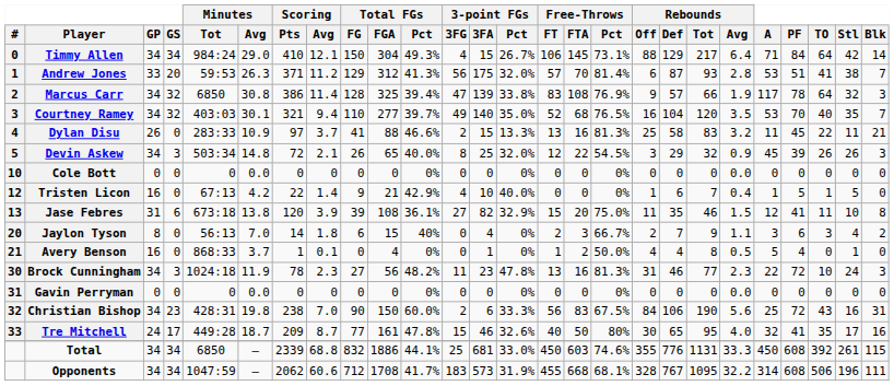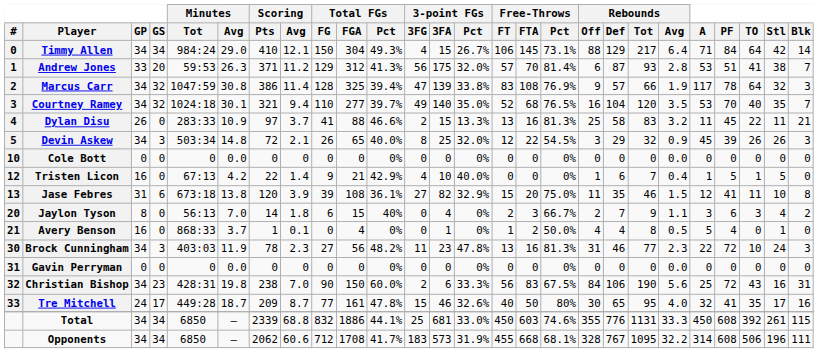 <table class="wikitable sortable" border="1" style="font-size:90%;">
 <tr>
 <th colspan="4" style="border-top-style:hidden; border-left-style:hidden; background: white;"></th>
 <th colspan="2" style=>Minutes</th>
 <th colspan="2" style=>Scoring</th>
 <th colspan="3" style=>Total FGs</th>
 <th colspan="3" style=>3-point FGs</th>
 <th colspan="3" style=>Free-Throws</th>
 <th colspan="4" style=>Rebounds</th>
 <th colspan="5" style="border-top-style:hidden; border-right-style:hidden; background: white;"></th>
 </tr>
 <tr>
 <th scope="col" style=>#</th>
 <th scope="col" style=>Player</th>
 <th scope="col" style=>GP</th>
 <th scope="col" style=>GS</th>
 <th scope="col" style=>Tot</th>
 <th scope="col" style=>Avg</th>
 <th scope="col" style=>Pts</th>
 <th scope="col" style=>Avg</th>
 <th scope="col" style=>FG</th>
 <th scope="col" style=>FGA</th>
 <th scope="col" style=>Pct</th>
 <th scope="col" style=>3FG</th>
 <th scope="col" style=>3FA</th>
 <th scope="col" style=>Pct</th>
 <th scope="col" style=>FT</th>
 <th scope="col" style=>FTA</th>
 <th scope="col" style=>Pct</th>
 <th scope="col" style=>Off</th>
 <th scope="col" style=>Def</th>
 <th scope="col" style=>Tot</th>
 <th scope="col" style=>Avg</th>
 <th scope="col" style=>A</th>
 <th scope="col">PF</th>
 <th scope="col">TO</th>
 <th scope="col" style=>Stl</th>
 <th scope="col" style=>Blk</th>
 </tr>
 <tr>
 <th>0</th>
 <th><a href='#'>Timmy Allen</a></th>
 <td align="right">34</td>
 <td align="right">34</td>
 <td align="right">984:24</td>
 <td align="right">29.0</td>
 <td align="right">410</td>
 <td align="right">12.1</td>
 <td align="right">150</td>
 <td align="right">304</td>
 <td align="right">49.3%</td>
 <td align="right">4</td>
 <td align="right">15</td>
 <td align="right">26.7%</td>
 <td align="right">106</td>
 <td align="right">145</td>
 <td align="right">73.1%</td>
 <td align="right">88</td>
 <td align="right">129</td>
 <td align="right">217</td>
 <td align="right">6.4</td>
 <td align="right">71</td>
 <td align="right">84</td>
 <td align="right">64</td>
 <td align="right">42</td>
 <td align="right">14</td>
 </tr>
 <tr>
 <th>1</th>
 <th><a href='#'>Andrew Jones</a></th>
 <td align="right">33</td>
 <td align="right">20</td>
 <td align="right">59:53</td>
 <td align="right">26.3</td>
 <td align="right">371</td>
 <td align="right">11.2</td>
 <td align="right">129</td>
 <td align="right">312</td>
 <td align="right">41.3%</td>
 <td align="right">56</td>
 <td align="right">175</td>
 <td align="right">32.0%</td>
 <td align="right">57</td>
 <td align="right">70</td>
 <td align="right">81.4%</td>
 <td align="right">6</td>
 <td align="right">87</td>
 <td align="right">93</td>
 <td align="right">2.8</td>
 <td align="right">53</td>
 <td align="right">51</td>
 <td align="right">41</td>
 <td align="right">38</td>
 <td align="right">7</td>
 </tr>
 <tr>
 <th>2</th>
 <th><a href='#'>Marcus Carr</a></th>
 <td align="right">34</td>
 <td align="right">32</td>
-<td align="center">6850</td>
+<td align="right">1047:59</td>
 <td align="right">30.8</td>
 <td align="right">386</td>
 <td align="right">11.4</td>
 <td align="right">128</td>
 <td align="right">325</td>
 <td align="right">39.4%</td>
 <td align="right">47</td>
 <td align="right">139</td>
 <td align="right">33.8%</td>
 <td align="right">83</td>
 <td align="right">108</td>
 <td align="right">76.9%</td>
 <td align="right">9</td>
 <td align="right">57</td>
 <td align="right">66</td>
 <td align="right">1.9</td>
 <td align="right">117</td>
 <td align="right">78</td>
 <td align="right">64</td>
 <td align="right">32</td>
 <td align="right">3</td>
 </tr>
 <tr>
 <th>3</th>
 <th><a href='#'>Courtney Ramey</a></th>
 <td align="right">34</td>
 <td align="right">32</td>
-<td align="right">403:03</td>
+<td align="right">1024:18</td>
 <td align="right">30.1</td>
 <td align="right">321</td>
 <td align="right">9.4</td>
 <td align="right">110</td>
 <td align="right">277</td>
 <td align="right">39.7%</td>
 <td align="right">49</td>
 <td align="right">140</td>
 <td align="right">35.0%</td>
 <td align="right">52</td>
 <td align="right">68</td>
 <td align="right">76.5%</td>
 <td align="right">16</td>
 <td align="right">104</td>
 <td align="right">120</td>
 <td align="right">3.5</td>
 <td align="right">53</td>
 <td align="right">70</td>
 <td align="right">40</td>
 <td align="right">35</td>
 <td align="right">7</td>
 </tr>
 <tr>
 <th>4</th>
 <th style=white-space:nowrap><a href='#'>Dylan Disu</a></th>
 <td align="right">26</td>
 <td align="right">0</td>
 <td align="right">283:33</td>
 <td align="right">10.9</td>
 <td align="right">97</td>
 <td align="right">3.7</td>
 <td align="right">41</td>
 <td align="right">88</td>
 <td align="right">46.6%</td>
 <td align="right">2</td>
 <td align="right">15</td>
 <td align="right">13.3%</td>
 <td align="right">13</td>
 <td align="right">16</td>
 <td align="right">81.3%</td>
 <td align="right">25</td>
 <td align="right">58</td>
 <td align="right">83</td>
 <td align="right">3.2</td>
 <td align="right">11</td>
 <td align="right">45</td>
 <td align="right">22</td>
 <td align="right">11</td>
 <td align="right">21</td>
 </tr>
 <tr>
 <th>5</th>
 <th style=white-space:nowrap><a href='#'>Devin Askew</a></th>
 <td align="right">34</td>
 <td align="right">3</td>
 <td align="right">503:34</td>
 <td align="right">14.8</td>
 <td align="right">72</td>
 <td align="right">2.1</td>
 <td align="right">26</td>
 <td align="right">65</td>
 <td align="right">40.0%</td>
 <td align="right">8</td>
 <td align="right">25</td>
 <td align="right">32.0%</td>
 <td align="right">12</td>
 <td align="right">22</td>
 <td align="right">54.5%</td>
 <td align="right">3</td>
 <td align="right">29</td>
 <td align="right">32</td>
 <td align="right">0.9</td>
 <td align="right">45</td>
 <td align="right">39</td>
 <td align="right">26</td>
 <td align="right">26</td>
 <td align="right">3</td>
 </tr>
 <tr>
 <th>10</th>
 <th style=white-space:nowrap>Cole Bott</th>
 <td align="right">0</td>
 <td align="right">0</td>
 <td align="right">0</td>
 <td align="right">0.0</td>
 <td align="right">0</td>
 <td align="right">0</td>
 <td align="right">0</td>
 <td align="right">0</td>
 <td align="right">0%</td>
 <td align="right">0</td>
 <td align="right">0</td>
 <td align="right">0%</td>
 <td align="right">0</td>
 <td align="right">0</td>
 <td align="right">0%</td>
 <td align="right">0</td>
 <td align="right">0</td>
 <td align="right">0</td>
 <td align="right">0.0</td>
 <td align="right">0</td>
 <td align="right">0</td>
 <td align="right">0</td>
 <td align="right">0</td>
 <td align="right">0</td>
 </tr>
 <tr>
 <th>12</th>
 <th style=white-space:nowrap>Tristen Licon</th>
 <td align="right">16</td>
 <td align="right">0</td>
 <td align="right">67:13</td>
 <td align="right">4.2</td>
 <td align="right">22</td>
 <td align="right">1.4</td>
 <td align="right">9</td>
 <td align="right">21</td>
 <td align="right">42.9%</td>
 <td align="right">4</td>
 <td align="right">10</td>
 <td align="right">40.0%</td>
 <td align="right">0</td>
 <td align="right">0</td>
 <td align="right">0%</td>
 <td align="right">1</td>
 <td align="right">6</td>
 <td align="right">7</td>
 <td align="right">0.4</td>
 <td align="right">1</td>
 <td align="right">5</td>
 <td align="right">1</td>
 <td align="right">5</td>
 <td align="right">0</td>
 </tr>
 <tr>
 <th>13</th>
 <th style=white-space:nowrap>Jase Febres</th>
 <td align="right">31</td>
 <td align="right">6</td>
 <td align="right">673:18</td>
 <td align="right">13.8</td>
 <td align="right">120</td>
 <td align="right">3.9</td>
 <td align="right">39</td>
 <td align="right">108</td>
 <td align="right">36.1%</td>
 <td align="right">27</td>
 <td align="right">82</td>
 <td align="right">32.9%</td>
 <td align="right">15</td>
 <td align="right">20</td>
 <td align="right">75.0%</td>
 <td align="right">11</td>
 <td align="right">35</td>
 <td align="right">46</td>
 <td align="right">1.5</td>
 <td align="right">12</td>
 <td align="right">41</td>
 <td align="right">11</td>
 <td align="right">10</td>
 <td align="right">8</td>
 </tr>
 <tr>
 <th>20</th>
 <th style=white-space:nowrap>Jaylon Tyson</th>
 <td align="right">8</td>
 <td align="right">0</td>
 <td align="right">56:13</td>
 <td align="right">7.0</td>
 <td align="right">14</td>
 <td align="right">1.8</td>
 <td align="right">6</td>
 <td align="right">15</td>
 <td align="right">40%</td>
 <td align="right">0</td>
 <td align="right">4</td>
 <td align="right">0%</td>
 <td align="right">2</td>
 <td align="right">3</td>
 <td align="right">66.7%</td>
 <td align="right">2</td>
 <td align="right">7</td>
 <td align="right">9</td>
 <td align="right">1.1</td>
 <td align="right">3</td>
 <td align="right">6</td>
 <td align="right">3</td>
 <td align="right">4</td>
 <td align="right">2</td>
 </tr>
 <tr>
 <th>21</th>
 <th style=white-space:nowrap>Avery Benson</th>
 <td align="right">16</td>
 <td align="right">0</td>
 <td align="right">868:33</td>
 <td align="right">3.7</td>
 <td align="right">1</td>
 <td align="right">0.1</td>
 <td align="right">0</td>
 <td align="right">4</td>
 <td align="right">0%</td>
 <td align="right">0</td>
 <td align="right">1</td>
 <td align="right">0%</td>
 <td align="right">1</td>
 <td align="right">2</td>
 <td align="right">50.0%</td>
 <td align="right">4</td>
 <td align="right">4</td>
 <td align="right">8</td>
 <td align="right">0.5</td>
 <td align="right">5</td>
 <td align="right">4</td>
 <td align="right">0</td>
 <td align="right">1</td>
 <td align="right">0</td>
 </tr>
 <tr>
 <th>30</th>
 <th style=white-space:nowrap>Brock Cunningham</th>
 <td align="right">34</td>
 <td align="right">3</td>
-<td align="right">1024:18</td>
+<td align="right">403:03</td>
 <td align="right">11.9</td>
 <td align="right">78</td>
 <td align="right">2.3</td>
 <td align="right">27</td>
 <td align="right">56</td>
 <td align="right">48.2%</td>
 <td align="right">11</td>
 <td align="right">23</td>
 <td align="right">47.8%</td>
 <td align="right">13</td>
 <td align="right">16</td>
 <td align="right">81.3%</td>
 <td align="right">31</td>
 <td align="right">46</td>
 <td align="right">77</td>
 <td align="right">2.3</td>
 <td align="right">22</td>
 <td align="right">72</td>
 <td align="right">10</td>
 <td align="right">24</td>
 <td align="right">3</td>
 </tr>
 <tr>
 <th>31</th>
 <th style=white-space:nowrap>Gavin Perryman</th>
 <td align="right">0</td>
 <td align="right">0</td>
 <td align="right">0</td>
 <td align="right">0.0</td>
 <td align="right">0</td>
 <td align="right">0</td>
 <td align="right">0</td>
 <td align="right">0</td>
 <td align="right">0%</td>
 <td align="right">0</td>
 <td align="right">0</td>
 <td align="right">0%</td>
 <td align="right">0</td>
 <td align="right">0</td>
 <td align="right">0%</td>
 <td align="right">0</td>
 <td align="right">0</td>
 <td align="right">0</td>
 <td align="right">0.0</td>
 <td align="right">0</td>
 <td align="right">0</td>
 <td align="right">0</td>
 <td align="right">0</td>
 <td align="right">0</td>
 </tr>
 <tr>
 <th>32</th>
 <th style=white-space:nowrap>Christian Bishop</th>
 <td align="right">34</td>
 <td align="right">23</td>
 <td align="right">428:31</td>
 <td align="right">19.8</td>
 <td align="right">238</td>
 <td align="right">7.0</td>
 <td align="right">90</td>
 <td align="right">150</td>
 <td align="right">60.0%</td>
 <td align="right">2</td>
 <td align="right">6</td>
 <td align="right">33.3%</td>
 <td align="right">56</td>
 <td align="right">83</td>
 <td align="right">67.5%</td>
 <td align="right">84</td>
 <td align="right">106</td>
 <td align="right">190</td>
 <td align="right">5.6</td>
 <td align="right">25</td>
 <td align="right">72</td>
 <td align="right">43</td>
 <td align="right">16</td>
 <td align="right">31</td>
 </tr>
 <tr>
 <th>33</th>
 <th style=white-space:nowrap><a href='#'>Tre Mitchell</a></th>
 <td align="right">24</td>
 <td align="right">17</td>
 <td align="right">449:28</td>
 <td align="right">18.7</td>
 <td align="right">209</td>
 <td align="right">8.7</td>
 <td align="right">77</td>
 <td align="right">161</td>
 <td align="right">47.8%</td>
 <td align="right">15</td>
 <td align="right">46</td>
 <td align="right">32.6%</td>
 <td align="right">40</td>
 <td align="right">50</td>
 <td align="right">80%</td>
 <td align="right">30</td>
 <td align="right">65</td>
 <td align="right">95</td>
 <td align="right">4.0</td>
 <td align="right">32</td>
 <td align="right">41</td>
 <td align="right">35</td>
 <td align="right">17</td>
 <td align="right">16</td>
 </tr>
 <tr>
 </tr>
 <tr class="sortbottom">
 <td align="center" style=></td>
 <td align="center" style=><strong>Total</strong></td>
 <td align="center" style=>34</td>
 <td align="center" style=>34</td>
 <td align="center" style=>6850</td>
 <td align="center" style=>–</td>
 <td align="center" style=>2339</td>
 <td align="center" style=>68.8</td>
 <td align="center" style=>832</td>
 <td align="center" style=>1886</td>
 <td align="center" style=>44.1%</td>
 <td align="center" style=>25</td>
 <td align="center" style=>681</td>
 <td align="center" style=>33.0%</td>
 <td align="center" style=>450</td>
 <td align="center" style=>603</td>
 <td align="center" style=>74.6%</td>
 <td align="center" style=>355</td>
 <td align="center" style=>776</td>
 <td align="center" style=>1131</td>
 <td align="center" style=>33.3</td>
 <td align="center" style=>450</td>
 <td align="center" style=>608</td>
 <td align="center">392</td>
 <td align="center">261</td>
 <td align="center">115</td>
 </tr>
 <tr class="sortbottom">
 <td align="center"></td>
 <td align="center"><strong>Opponents</strong></td>
 <td align="center">34</td>
 <td align="center">34</td>
-<td align="right">1047:59</td>
+<td align="center">6850</td>
 <td align="center">–</td>
 <td align="center">2062</td>
 <td align="center">60.6</td>
 <td align="center">712</td>
 <td align="center">1708</td>
 <td align="center">41.7%</td>
 <td align="center">183</td>
 <td align="center">573</td>
 <td align="center">31.9%</td>
 <td align="center">455</td>
 <td align="center">668</td>
 <td align="center">68.1%</td>
 <td align="center">328</td>
 <td align="center">767</td>
 <td align="center">1095</td>
 <td align="center">32.2</td>
 <td align="center">314</td>
 <td align="center">608</td>
 <td align="center">506</td>
 <td align="center">196</td>
 <td align="center">111</td>
 </tr>
 </table>
